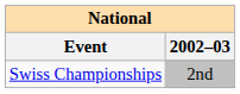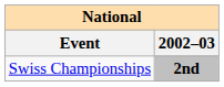 <table class="wikitable" style="text-align:center">
 <tr>
 <th style="background-color: #ffdead; " colspan=2 align=center>National</th>
 </tr>
 <tr>
 <th>Event</th>
 <th>2002–03</th>
 </tr>
 <tr>
 <td align=left><a href='#'>Swiss Championships</a></td>
-<td bgcolor=silver>2nd</td>
+<td bgcolor=silver><strong>2nd</strong></td>
 </tr>
 </table>
